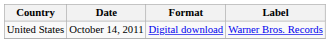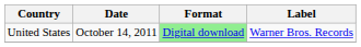 <table class="wikitable">
 <tr>
 <th>Country</th>
 <th>Date</th>
 <th>Format</th>
 <th>Label</th>
 </tr>
 <tr>
 <td>United States</td>
 <td rowspan="1">October 14, 2011</td>
-<td rowspan="1"><a href='#'>Digital download</a></td>
+<td rowspan="1" style="background: lightgreen;"><a href='#'>Digital download</a></td>
 <td rowspan="1"><a href='#'>Warner Bros. Records</a></td>
 </tr>
 <tr>
 </tr>
 </table>
